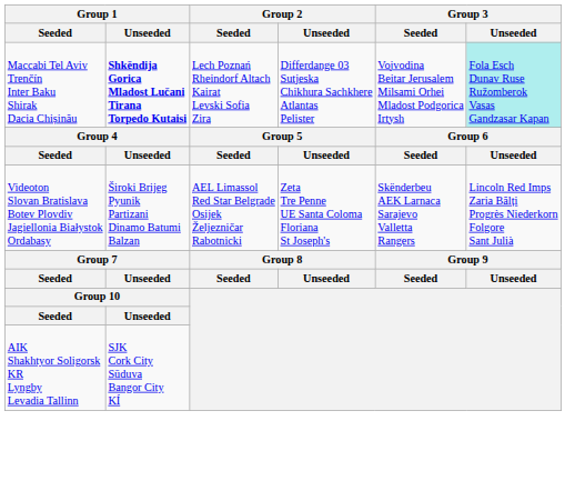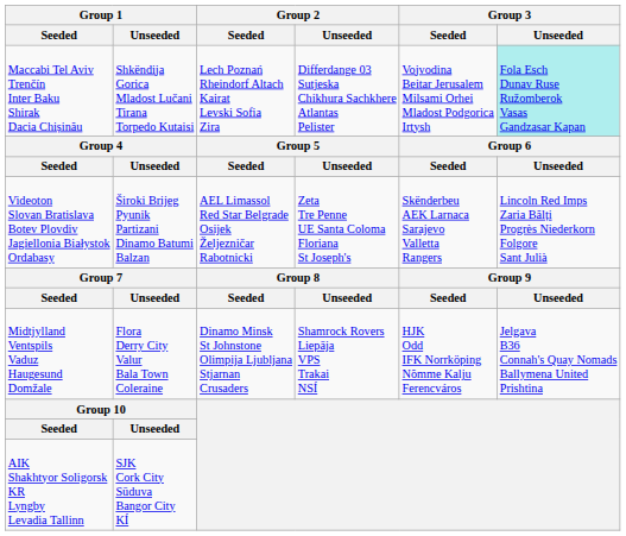 <table class="wikitable" style="font-size:85%">
 <tr>
 <th colspan=2>Group 1</th>
 <th colspan=2>Group 2</th>
 <th colspan=2>Group 3</th>
 </tr>
 <tr>
 <th>Seeded</th>
 <th>Unseeded</th>
 <th>Seeded</th>
 <th>Unseeded</th>
 <th>Seeded</th>
 <th>Unseeded</th>
 </tr>
 <tr>
 <td valign=top><br> <a href='#'>Maccabi Tel Aviv</a> <br>  <a href='#'>Trenčín</a> <br>  <a href='#'>Inter Baku</a> <br>  <a href='#'>Shirak</a> <br>  <a href='#'>Dacia Chișinău</a> </td>
-<td valign=top><strong><br> <a href='#'>Shkëndija</a> <br>  <a href='#'>Gorica</a> <br>  <a href='#'>Mladost Lučani</a> <br>  <a href='#'>Tirana</a> <br>  <a href='#'>Torpedo Kutaisi</a> </strong></td>
+<td valign=top><br> <a href='#'>Shkëndija</a> <br>  <a href='#'>Gorica</a> <br>  <a href='#'>Mladost Lučani</a> <br>  <a href='#'>Tirana</a> <br>  <a href='#'>Torpedo Kutaisi</a> </td>
 <td valign=top><br> <a href='#'>Lech Poznań</a> <br>  <a href='#'>Rheindorf Altach</a> <br>  <a href='#'>Kairat</a> <br>  <a href='#'>Levski Sofia</a> <br>  <a href='#'>Zira</a> </td>
 <td valign=top><br> <a href='#'>Differdange 03</a> <br>  <a href='#'>Sutjeska</a> <br>  <a href='#'>Chikhura Sachkhere</a> <br>  <a href='#'>Atlantas</a> <br>  <a href='#'>Pelister</a> </td>
 <td valign=top><br> <a href='#'>Vojvodina</a> <br>  <a href='#'>Beitar Jerusalem</a> <br>  <a href='#'>Milsami Orhei</a> <br>  <a href='#'>Mladost Podgorica</a> <br>  <a href='#'>Irtysh</a> </td>
 <td valign=top style="background: paleturquoise;"><br> <a href='#'>Fola Esch</a> <br>  <a href='#'>Dunav Ruse</a> <br>  <a href='#'>Ružomberok</a> <br>  <a href='#'>Vasas</a> <br>  <a href='#'>Gandzasar Kapan</a> </td>
 </tr>
 <tr>
 <th colspan=2>Group 4</th>
 <th colspan=2>Group 5</th>
 <th colspan=2>Group 6</th>
 </tr>
 <tr>
 <th>Seeded</th>
 <th>Unseeded</th>
 <th>Seeded</th>
 <th>Unseeded</th>
 <th>Seeded</th>
 <th>Unseeded</th>
 </tr>
 <tr>
 <td valign=top><br> <a href='#'>Videoton</a> <br>  <a href='#'>Slovan Bratislava</a> <br>  <a href='#'>Botev Plovdiv</a> <br>  <a href='#'>Jagiellonia Białystok</a> <br>  <a href='#'>Ordabasy</a> </td>
 <td valign=top><br> <a href='#'>Široki Brijeg</a> <br>  <a href='#'>Pyunik</a> <br>  <a href='#'>Partizani</a> <br>  <a href='#'>Dinamo Batumi</a> <br>  <a href='#'>Balzan</a> </td>
 <td valign=top><br> <a href='#'>AEL Limassol</a> <br>  <a href='#'>Red Star Belgrade</a> <br>  <a href='#'>Osijek</a> <br>  <a href='#'>Željezničar</a> <br>  <a href='#'>Rabotnicki</a> </td>
 <td valign=top><br> <a href='#'>Zeta</a> <br>  <a href='#'>Tre Penne</a> <br>  <a href='#'>UE Santa Coloma</a> <br>  <a href='#'>Floriana</a> <br>  <a href='#'>St Joseph's</a> </td>
 <td valign=top><br> <a href='#'>Skënderbeu</a> <br>  <a href='#'>AEK Larnaca</a> <br>  <a href='#'>Sarajevo</a> <br>  <a href='#'>Valletta</a> <br>  <a href='#'>Rangers</a> </td>
 <td valign=top><br> <a href='#'>Lincoln Red Imps</a> <br>  <a href='#'>Zaria Bălți</a> <br>  <a href='#'>Progrès Niederkorn</a> <br>  <a href='#'>Folgore</a> <br>  <a href='#'>Sant Julià</a> </td>
 </tr>
 <tr>
 <th colspan=2>Group 7</th>
 <th colspan=2>Group 8</th>
 <th colspan=2>Group 9</th>
 </tr>
 <tr>
 <th>Seeded</th>
 <th>Unseeded</th>
 <th>Seeded</th>
 <th>Unseeded</th>
 <th>Seeded</th>
 <th>Unseeded</th>
 </tr>
 <tr>
+<td valign=top><br> <a href='#'>Midtjylland</a> <br>  <a href='#'>Ventspils</a> <br>  <a href='#'>Vaduz</a> <br>  <a href='#'>Haugesund</a> <br>  <a href='#'>Domžale</a> </td>
+<td valign=top><br> <a href='#'>Flora</a> <br>  <a href='#'>Derry City</a> <br>  <a href='#'>Valur</a> <br>  <a href='#'>Bala Town</a> <br>  <a href='#'>Coleraine</a> </td>
+<td valign=top><br> <a href='#'>Dinamo Minsk</a> <br>  <a href='#'>St Johnstone</a> <br>  <a href='#'>Olimpija Ljubljana</a> <br>  <a href='#'>Stjarnan</a> <br>  <a href='#'>Crusaders</a> </td>
+<td valign=top><br> <a href='#'>Shamrock Rovers</a> <br>  <a href='#'>Liepāja</a> <br>  <a href='#'>VPS</a> <br>  <a href='#'>Trakai</a> <br>  <a href='#'>NSÍ</a> </td>
+<td valign=top><br> <a href='#'>HJK</a> <br>  <a href='#'>Odd</a> <br>  <a href='#'>IFK Norrköping</a> <br>  <a href='#'>Nõmme Kalju</a> <br>  <a href='#'>Ferencváros</a> </td>
+<td valign=top><br> <a href='#'>Jelgava</a> <br>  <a href='#'>B36</a> <br>  <a href='#'>Connah's Quay Nomads</a> <br>  <a href='#'>Ballymena United</a> <br>  <a href='#'>Prishtina</a> </td>
+</tr>
+<tr>
 <th colspan=2>Group 10</th>
 <th rowspan=3 colspan=4></th>
 </tr>
 <tr>
 <th>Seeded</th>
 <th>Unseeded</th>
 </tr>
 <tr>
 <td valign=top><br> <a href='#'>AIK</a> <br>  <a href='#'>Shakhtyor Soligorsk</a> <br>  <a href='#'>KR</a> <br>  <a href='#'>Lyngby</a> <br>  <a href='#'>Levadia Tallinn</a> </td>
 <td valign=top><br> <a href='#'>SJK</a> <br>  <a href='#'>Cork City</a> <br>  <a href='#'>Sūduva</a> <br>  <a href='#'>Bangor City</a> <br>  <a href='#'>KÍ</a> </td>
 </tr>
 </table>
